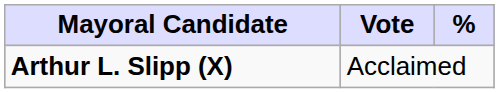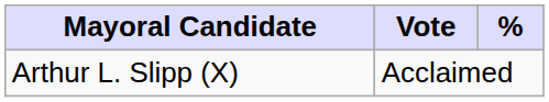 <table class="wikitable">
 <tr>
 <th style="background:#ddf; width:200px;">Mayoral Candidate</th>
 <th style="background:#ddf; width:50px;">Vote</th>
 <th style="background:#ddf; width:30px;">%</th>
 </tr>
 <tr>
-<td><strong>Arthur L. Slipp (X)</strong></td>
+<td>Arthur L. Slipp (X)</td>
 <td colspan="2">Acclaimed</td>
 </tr>
 </table>
